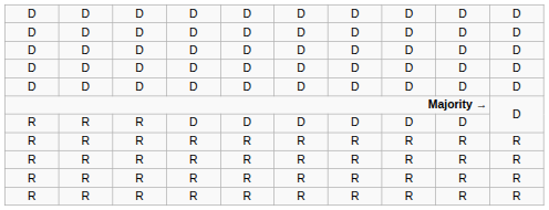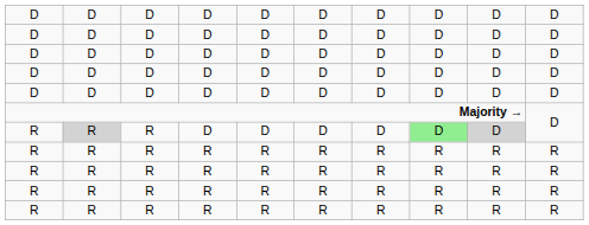 <table class="wikitable" style="text-align:center" width=750px>
 <tr>
 <td>D</td>
 <td>D</td>
 <td>D</td>
 <td>D</td>
 <td>D</td>
 <td>D</td>
 <td>D</td>
 <td>D</td>
 <td>D</td>
 <td>D</td>
 </tr>
 <tr>
 <td width=10%  >D</td>
 <td width=10%  >D</td>
 <td width=10%  >D</td>
 <td width=10%  >D</td>
 <td width=10%  >D</td>
 <td width=10%  >D</td>
 <td width=10%  >D</td>
 <td width=10%  >D</td>
 <td width=10%  >D</td>
 <td width=10%  >D</td>
 </tr>
 <tr>
 <td>D</td>
 <td>D</td>
 <td>D</td>
 <td>D</td>
 <td>D</td>
 <td>D</td>
 <td>D</td>
 <td>D</td>
 <td>D</td>
 <td>D</td>
 </tr>
 <tr>
 <td>D<br></td>
 <td>D<br></td>
 <td>D<br></td>
 <td>D</td>
 <td>D</td>
 <td>D</td>
 <td>D</td>
 <td>D</td>
 <td>D</td>
 <td>D</td>
 </tr>
 <tr>
 <td>D<br></td>
 <td>D<br></td>
 <td>D<br></td>
 <td>D<br></td>
 <td>D<br></td>
 <td>D<br></td>
 <td>D<br></td>
 <td>D<br></td>
 <td>D<br></td>
 <td>D<br></td>
 </tr>
 <tr>
 <td colspan=9 align=right><strong>Majority →</strong></td>
 <td rowspan=2 >D<br></td>
 </tr>
 <tr>
 <td>R<br></td>
-<td>R<br></td>
+<td style="background: lightgrey;">R<br></td>
 <td>R<br></td>
 <td>D<br></td>
 <td>D<br></td>
 <td>D<br></td>
 <td>D<br></td>
-<td>D<br></td>
-<td>D<br></td>
+<td style="background: lightgreen;">D<br></td>
+<td style="background: lightgrey;">D<br></td>
 </tr>
 <tr>
 <td>R<br></td>
 <td>R<br></td>
 <td>R<br></td>
 <td>R<br></td>
 <td>R<br></td>
 <td>R<br></td>
 <td>R<br></td>
 <td>R<br></td>
 <td>R<br></td>
 <td>R<br></td>
 </tr>
 <tr>
 <td>R</td>
 <td>R</td>
 <td>R</td>
 <td>R</td>
 <td>R</td>
 <td>R</td>
 <td>R</td>
 <td>R</td>
 <td>R</td>
 <td>R<br></td>
 </tr>
 <tr>
 <td>R</td>
 <td>R</td>
 <td>R</td>
 <td>R</td>
 <td>R</td>
 <td>R</td>
 <td>R</td>
 <td>R</td>
 <td>R</td>
 <td>R</td>
 </tr>
 <tr>
 <td>R</td>
 <td>R</td>
 <td>R</td>
 <td>R</td>
 <td>R</td>
 <td>R</td>
 <td>R</td>
 <td>R</td>
 <td>R</td>
 <td>R</td>
 </tr>
 </table>
